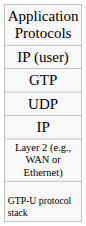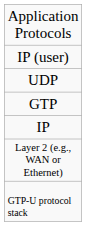 <table border="2" cellpadding="4" cellspacing="0" style="float: right; margin-left: 1em; margin-bottom: 1em; background: #f9f9f9; border: 1px #aaa solid; border-collapse: collapse; font-size: 140%; width:4em; font-family:serif">
 <tr align="center">
 <td>Application Protocols</td>
 </tr>
 <tr align="center">
 <td>IP (user)</td>
 </tr>
 <tr align="center">
-<td>GTP</td>
+<td>UDP</td>
 </tr>
 <tr align="center">
-<td>UDP</td>
+<td>GTP</td>
 </tr>
 <tr align="center">
 <td>IP</td>
 </tr>
 <tr align="center" style="font-size: 70%">
 <td>Layer 2 (e.g., WAN or Ethernet)</td>
 </tr>
 <tr style="font-size: 65%">
 <td><br>GTP-U protocol stack</td>
 </tr>
 </table>
